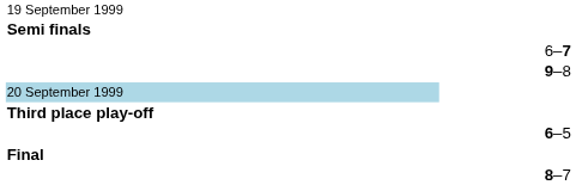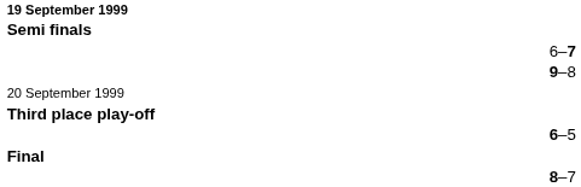 <table width=100% cellspacing=1>
 <tr>
 <th width=22%></th>
 <th width=12%></th>
 <th></th>
 </tr>
 <tr>
-<td><small>19 September 1999</small></td>
+<td><strong><small>19 September 1999</small></strong></td>
 </tr>
 <tr>
 <td><strong>Semi finals</strong></td>
 </tr>
 <tr>
 <td align=right></td>
 <td align=center>6–<strong>7</strong></td>
 <td><strong></strong></td>
 </tr>
 <tr>
 <td align=right><strong></strong></td>
 <td align=center><strong>9</strong>–8</td>
 <td></td>
 </tr>
 <tr>
-<td style="background: lightblue;"><small>20 September 1999</small></td>
+<td><small>20 September 1999</small></td>
 </tr>
 <tr>
 <td><strong>Third place play-off</strong></td>
 </tr>
 <tr>
 <td align=right><strong></strong></td>
 <td align=center><strong>6</strong>–5</td>
 <td></td>
 </tr>
 <tr>
 <td><strong>Final</strong></td>
 </tr>
 <tr>
 <td align=right><strong></strong></td>
 <td align=center><strong>8</strong>–7</td>
 <td></td>
 </tr>
 </table>
